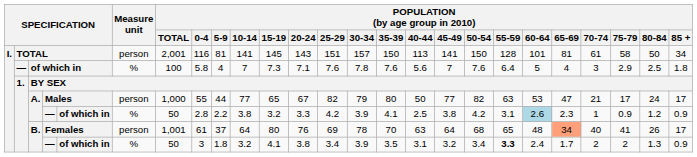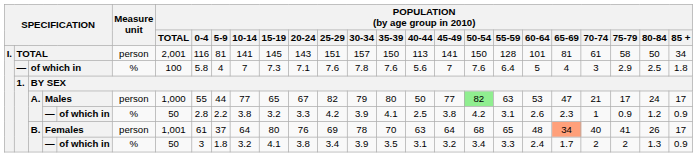 <table class="wikitable" style="font-size:85%; text-align:center">
 <tr>
 <th rowspan="2" colspan="5">SPECIFICATION</th>
 <th rowspan="2">Measure<br> unit</th>
 <th colspan="20" rowspan="1">POPULATION<br> (by age group in 2010)</th>
 </tr>
 <tr>
 <th>TOTAL</th>
 <th>0-4</th>
 <th>5-9</th>
 <th>10-14</th>
 <th>15-19</th>
 <th>20-24</th>
 <th>25-29</th>
 <th>30-34</th>
 <th>35-39</th>
 <th>40-44</th>
 <th>45-49</th>
 <th>50-54</th>
 <th>55-59</th>
 <th>60-64</th>
 <th>65-69</th>
 <th>70-74</th>
 <th>75-79</th>
 <th>80-84</th>
 <th>85 +</th>
 </tr>
 <tr>
 <th style="text-align:left" valign="top" rowspan="7">I.</th>
 <th style="text-align:left" colspan="4">TOTAL</th>
 <td>person</td>
 <td>2,001</td>
 <td>116</td>
 <td>81</td>
 <td>141</td>
 <td>145</td>
 <td>143</td>
 <td>151</td>
 <td>157</td>
 <td>150</td>
 <td>113</td>
 <td>141</td>
 <td>150</td>
 <td>128</td>
 <td>101</td>
 <td>81</td>
 <td>61</td>
 <td>58</td>
 <td>50</td>
 <td>34</td>
 </tr>
 <tr>
 <th style="text-align:left" valign="top">—</th>
 <th style="text-align:left" colspan="3">of which in</th>
 <td>%</td>
 <td>100</td>
 <td>5.8</td>
 <td>4</td>
 <td>7</td>
 <td>7.3</td>
 <td>7.1</td>
 <td>7.6</td>
 <td>7.8</td>
 <td>7.6</td>
 <td>5.6</td>
 <td>7</td>
 <td>7.6</td>
 <td>6.4</td>
 <td>5</td>
 <td>4</td>
 <td>3</td>
 <td>2.9</td>
 <td>2.5</td>
 <td>1.8</td>
 </tr>
 <tr>
 <th style="text-align:left" valign="top" rowspan="5">1.</th>
 <th style="text-align:left" colspan="23">BY SEX</th>
 </tr>
 <tr>
 <th style="text-align:left" valign="top" rowspan="2">A.</th>
 <th style="text-align:left" colspan="2">Males</th>
 <td>person</td>
 <td>1,000</td>
 <td>55</td>
 <td>44</td>
 <td>77</td>
 <td>65</td>
 <td>67</td>
 <td>82</td>
 <td>79</td>
 <td>80</td>
 <td>50</td>
 <td>77</td>
-<td>82</td>
+<td style="background: lightgreen;">82</td>
 <td>63</td>
 <td>53</td>
 <td>47</td>
 <td>21</td>
 <td>17</td>
 <td>24</td>
 <td>17</td>
 </tr>
 <tr>
 <th style="text-align:left" valign="top">—</th>
 <th style="text-align:left" colspan="1">of which in</th>
 <td>%</td>
 <td>50</td>
 <td>2.8</td>
 <td>2.2</td>
 <td>3.8</td>
 <td>3.2</td>
 <td>3.3</td>
 <td>4.2</td>
 <td>3.9</td>
 <td>4.1</td>
 <td>2.5</td>
 <td>3.8</td>
 <td>4.2</td>
 <td>3.1</td>
-<td style="background: lightblue;">2.6</td>
+<td>2.6</td>
 <td>2.3</td>
 <td>1</td>
 <td>0.9</td>
 <td>1.2</td>
 <td>0.9</td>
 </tr>
 <tr>
 <th style="text-align:left" valign="top" rowspan="2">B.</th>
 <th style="text-align:left" colspan="2">Females</th>
 <td>person</td>
 <td>1,001</td>
 <td>61</td>
 <td>37</td>
 <td>64</td>
 <td>80</td>
 <td>76</td>
 <td>69</td>
 <td>78</td>
 <td>70</td>
 <td>63</td>
 <td>64</td>
 <td>68</td>
 <td>65</td>
 <td>48</td>
 <td style="background: lightsalmon;">34</td>
 <td>40</td>
 <td>41</td>
 <td>26</td>
 <td>17</td>
 </tr>
 <tr>
 <th style="text-align:left" valign="top">—</th>
 <th style="text-align:left" colspan="1">of which in</th>
 <td>%</td>
 <td>50</td>
 <td>3</td>
 <td>1.8</td>
 <td>3.2</td>
 <td>4.1</td>
 <td>3.8</td>
 <td>3.4</td>
 <td>3.9</td>
 <td>3.5</td>
 <td>3.1</td>
 <td>3.2</td>
 <td>3.4</td>
-<td><strong>3.3</strong></td>
+<td>3.3</td>
 <td>2.4</td>
 <td>1.7</td>
 <td>2</td>
 <td>2</td>
 <td>1.3</td>
 <td>0.9</td>
 </tr>
 </table>
